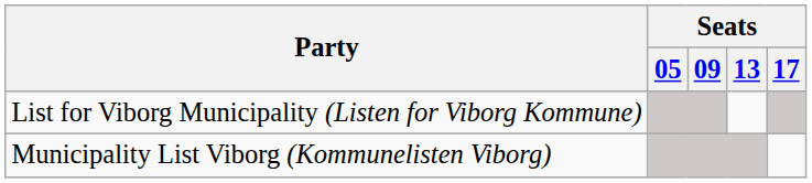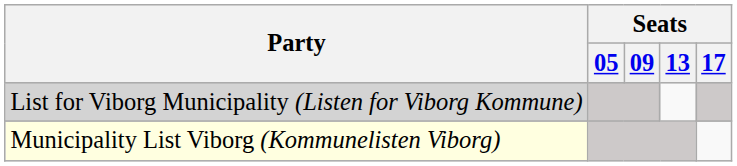 <table class="wikitable">
 <tr>
 <th rowspan="2">Party</th>
 <th colspan="11">Seats</th>
 </tr>
 <tr>
 <th><a href='#'>05</a></th>
 <th><a href='#'>09</a></th>
 <th><a href='#'>13</a></th>
 <th><a href='#'>17</a></th>
 </tr>
 <tr>
-<td>List for Viborg Municipality <em>(Listen for Viborg Kommune)</em></td>
+<td style="background: lightgrey;">List for Viborg Municipality <em>(Listen for Viborg Kommune)</em></td>
 <td style="background:#CDC9C9;" colspan="2"></td>
 <td></td>
 <td style="background:#CDC9C9;"></td>
 </tr>
 <tr>
-<td>Municipality List Viborg <em>(Kommunelisten Viborg)</em></td>
+<td style="background: lightyellow;">Municipality List Viborg <em>(Kommunelisten Viborg)</em></td>
 <td style="background:#CDC9C9;" colspan="3"></td>
 <td></td>
 </tr>
 </table>
